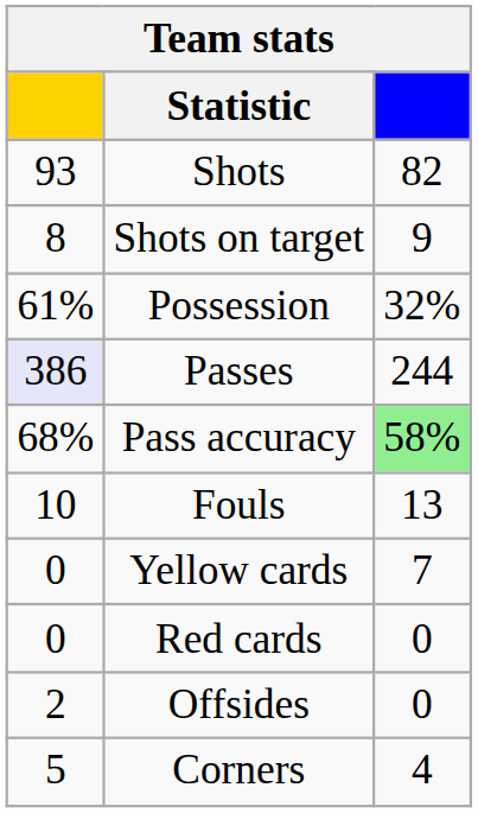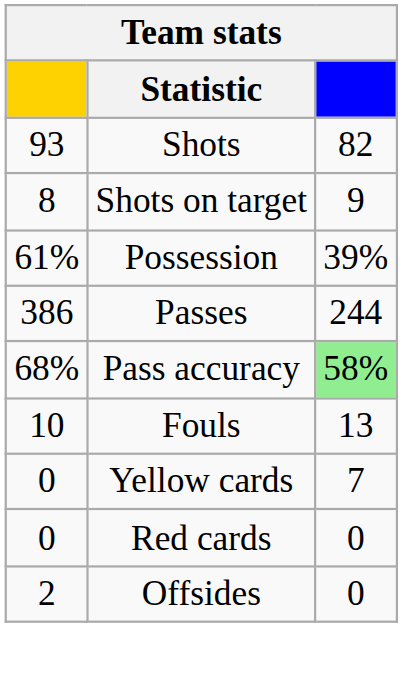 <table class="wikitable" style="margin-left: auto; margin-right: auto; border: none; text-align:center;">
 <tr>
 <th colspan=3>Team stats</th>
 </tr>
 <tr>
 <th style="background: #FED100; color: #000000;"> <a href='#'></a></th>
 <th>Statistic</th>
 <th style="background: #0000FF; color: #FFFFFF;"> <a href='#'></a></th>
 </tr>
 <tr>
 <td>93</td>
 <td>Shots</td>
 <td>82</td>
 </tr>
 <tr>
 <td>8</td>
 <td>Shots on target</td>
 <td>9</td>
 </tr>
 <tr>
 <td>61%</td>
 <td>Possession</td>
-<td>32%</td>
+<td>39%</td>
 </tr>
 <tr>
-<td style="background: lavender;">386</td>
+<td>386</td>
 <td>Passes</td>
 <td>244</td>
 </tr>
 <tr>
 <td>68%</td>
 <td>Pass accuracy</td>
 <td style="background: lightgreen;">58%</td>
 </tr>
 <tr>
 <td>10</td>
 <td>Fouls</td>
 <td>13</td>
 </tr>
 <tr>
 <td>0</td>
 <td>Yellow cards</td>
 <td>7</td>
 </tr>
 <tr>
 <td>0</td>
 <td>Red cards</td>
 <td>0</td>
 </tr>
 <tr>
 <td>2</td>
 <td>Offsides</td>
 <td>0</td>
 </tr>
-<tr>
-<td>5</td>
-<td>Corners</td>
-<td>4</td>
-</tr>
 </table>
